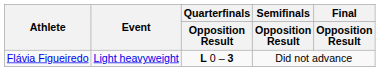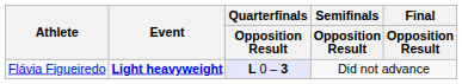 <table class="wikitable" style="font-size:90%">
 <tr>
 <th rowspan=2>Athlete</th>
 <th rowspan=2>Event</th>
 <th>Quarterfinals</th>
 <th>Semifinals</th>
 <th>Final</th>
 </tr>
 <tr>
 <th>Opposition<br>Result</th>
 <th>Opposition<br>Result</th>
 <th>Opposition<br>Result</th>
 </tr>
 <tr>
 <td><a href='#'>Flávia Figueiredo</a></td>
-<td><a href='#'>Light heavyweight</a></td>
-<td align=center><strong>L</strong> 0 – <strong>3</strong></td>
+<td><strong><a href='#'>Light heavyweight</a></strong></td>
+<td align=center style="background: lavender;"><strong>L</strong> 0 – <strong>3</strong></td>
 <td align="center" colspan="7">Did not advance</td>
 </tr>
 </table>
